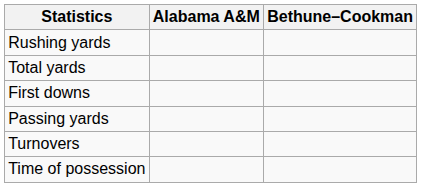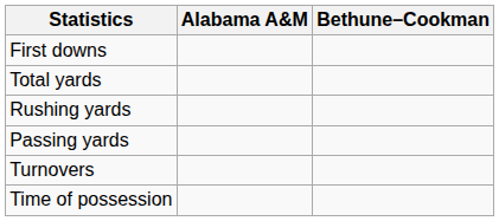 <table class="wikitable">
 <tr>
 <th>Statistics</th>
 <th>Alabama A&M</th>
 <th>Bethune–Cookman</th>
 </tr>
 <tr>
-<td>Rushing yards</td>
+<td>First downs</td>
 <td> </td>
 <td> </td>
 </tr>
 <tr>
 <td>Total yards</td>
 <td> </td>
 <td> </td>
 </tr>
 <tr>
-<td>First downs</td>
+<td>Rushing yards</td>
 <td> </td>
 <td> </td>
 </tr>
 <tr>
 <td>Passing yards</td>
 <td> </td>
 <td> </td>
 </tr>
 <tr>
 <td>Turnovers</td>
 <td> </td>
 <td> </td>
 </tr>
 <tr>
 <td>Time of possession</td>
 <td> </td>
 <td> </td>
 </tr>
 <tr>
 </tr>
 </table>
